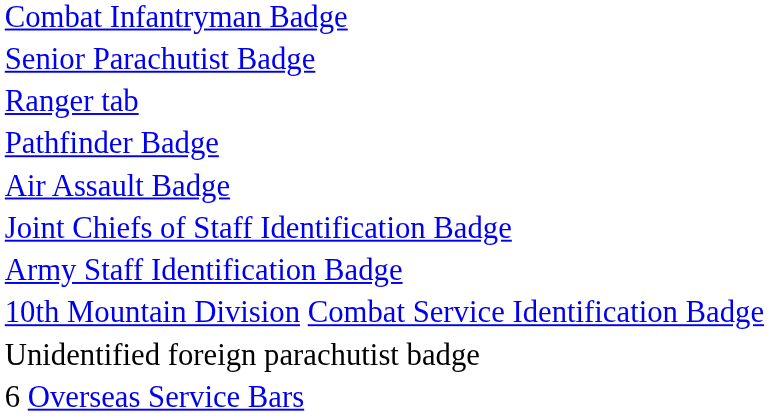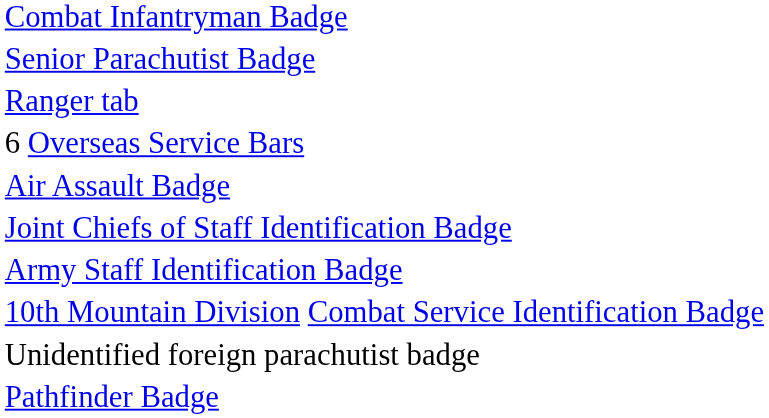 <table>
 <tr>
 <td> <a href='#'>Combat Infantryman Badge</a></td>
 </tr>
 <tr>
 <td> <a href='#'>Senior Parachutist Badge</a></td>
 </tr>
 <tr>
 <td> <a href='#'>Ranger tab</a></td>
 </tr>
 <tr>
-<td> <a href='#'>Pathfinder Badge</a></td>
+<td> 6 <a href='#'>Overseas Service Bars</a></td>
 </tr>
 <tr>
 <td> <a href='#'>Air Assault Badge</a></td>
 </tr>
 <tr>
 <td> <a href='#'>Joint Chiefs of Staff Identification Badge</a></td>
 </tr>
 <tr>
 <td> <a href='#'>Army Staff Identification Badge</a></td>
 </tr>
 <tr>
 <td> <a href='#'>10th Mountain Division</a> <a href='#'>Combat Service Identification Badge</a></td>
 </tr>
 <tr>
 <td> Unidentified foreign parachutist badge</td>
 </tr>
 <tr>
-<td> 6 <a href='#'>Overseas Service Bars</a></td>
+<td> <a href='#'>Pathfinder Badge</a></td>
 </tr>
 </table>
